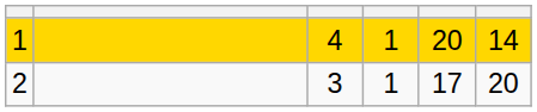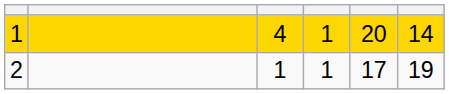 <table class="wikitable" style="text-align: center;">
 <tr>
 <th></th>
 <th width=150></th>
 <th width=25></th>
 <th width=25></th>
 <th width=25></th>
 <th width=25></th>
 </tr>
 <tr style="background:gold;">
 <td>1</td>
 <td align=left></td>
 <td>4</td>
 <td>1</td>
 <td>20</td>
 <td>14</td>
 </tr>
 <tr>
 <td>2</td>
 <td align=left></td>
-<td>3</td>
+<td>1</td>
 <td>1</td>
 <td>17</td>
-<td>20</td>
+<td>19</td>
 </tr>
 </table>
